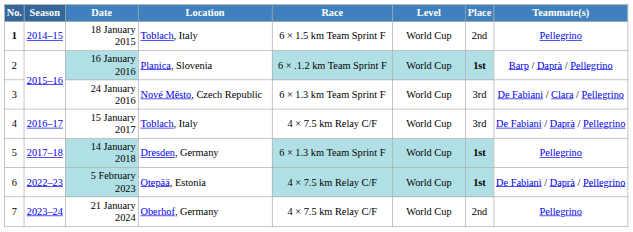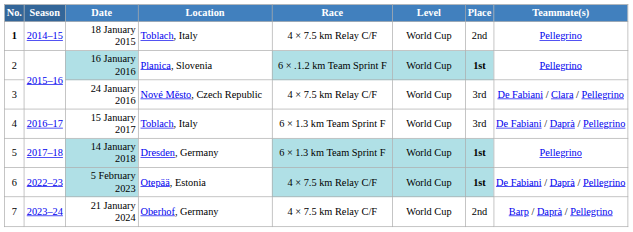 <table class="wikitable sortable" style="font-size:95%; text-align:center; border:grey solid 1px; border-collapse:collapse; background:#ffffff;">
 <tr style="background:#efefef;">
 <th style="background-color:#369; color:white;">No.</th>
 <th style="background-color:#369; color:white;">Season</th>
 <th style="background-color:#4180be; color:white; width:100px;">Date</th>
 <th style="background-color:#4180be; color:white; width:190px;">Location</th>
 <th style="background-color:#4180be; color:white; width:170px;">Race</th>
 <th style="background-color:#4180be; color:white; width:100px;">Level</th>
 <th style="background-color:#4180be; color:white;">Place</th>
 <th style="background-color:#4180be; color:white;">Teammate(s)</th>
 </tr>
 <tr>
 <td align=center><strong>1</strong></td>
 <td rowspan=1 align=center><a href='#'>2014–15</a></td>
 <td align=right>18 January 2015</td>
 <td align=left> <a href='#'>Toblach</a>, Italy</td>
-<td>6 × 1.5 km Team Sprint F</td>
+<td>4 × 7.5 km Relay C/F</td>
 <td>World Cup</td>
 <td>2nd</td>
 <td><a href='#'>Pellegrino</a></td>
 </tr>
 <tr>
 <td align=center>2</td>
 <td rowspan=2 align=center><a href='#'>2015–16</a></td>
 <td bgcolor="#BOEOE6" align=right>16 January 2016</td>
 <td align=left> <a href='#'>Planica</a>, Slovenia</td>
 <td bgcolor="#BOEOE6">6 × .1.2 km Team Sprint F</td>
 <td bgcolor="#BOEOE6">World Cup</td>
 <td bgcolor="#BOEOE6"><strong>1st</strong></td>
-<td><a href='#'>Barp</a> / <a href='#'>Daprà</a> / <a href='#'>Pellegrino</a></td>
+<td><a href='#'>Pellegrino</a></td>
 </tr>
 <tr>
 <td align=center>3</td>
 <td align=right>24 January 2016</td>
 <td align=left> <a href='#'>Nové Město</a>, Czech Republic</td>
-<td>6 × 1.3 km Team Sprint F</td>
+<td>4 × 7.5 km Relay C/F</td>
 <td>World Cup</td>
 <td>3rd</td>
 <td><a href='#'>De Fabiani</a> / <a href='#'>Clara</a> / <a href='#'>Pellegrino</a></td>
 </tr>
 <tr>
 <td align=center>4</td>
 <td rowspan=1 align=center><a href='#'>2016–17</a></td>
 <td align=right>15 January 2017</td>
 <td align=left> <a href='#'>Toblach</a>, Italy</td>
-<td>4 × 7.5 km Relay C/F</td>
+<td>6 × 1.3 km Team Sprint F</td>
 <td>World Cup</td>
 <td>3rd</td>
 <td><a href='#'>De Fabiani</a> / <a href='#'>Daprà</a> / <a href='#'>Pellegrino</a></td>
 </tr>
 <tr>
 <td align=center>5</td>
 <td rowspan=1 align=center><a href='#'>2017–18</a></td>
 <td bgcolor="#BOEOE6" align=right>14 January 2018</td>
 <td align=left> <a href='#'>Dresden</a>, Germany</td>
 <td bgcolor="#BOEOE6">6 × 1.3 km Team Sprint F</td>
 <td bgcolor="#BOEOE6">World Cup</td>
 <td bgcolor="#BOEOE6"><strong>1st</strong></td>
 <td><a href='#'>Pellegrino</a></td>
 </tr>
 <tr>
 <td align=center>6</td>
 <td rowspan=1 align=center><a href='#'>2022–23</a></td>
 <td bgcolor="#BOEOE6" align=right>5 February 2023</td>
 <td align=left> <a href='#'>Otepää</a>, Estonia</td>
 <td bgcolor="#BOEOE6">4 × 7.5 km Relay C/F</td>
 <td bgcolor="#BOEOE6">World Cup</td>
 <td bgcolor="#BOEOE6"><strong>1st</strong></td>
 <td><a href='#'>De Fabiani</a> / <a href='#'>Daprà</a> / <a href='#'>Pellegrino</a></td>
 </tr>
 <tr>
 <td align=center>7</td>
 <td rowspan=1 align=center><a href='#'>2023–24</a></td>
 <td align=right>21 January 2024</td>
 <td align=left> <a href='#'>Oberhof</a>, Germany</td>
 <td>4 × 7.5 km Relay C/F</td>
 <td>World Cup</td>
 <td>2nd</td>
-<td><a href='#'>Pellegrino</a></td>
+<td><a href='#'>Barp</a> / <a href='#'>Daprà</a> / <a href='#'>Pellegrino</a></td>
 </tr>
 </table>
